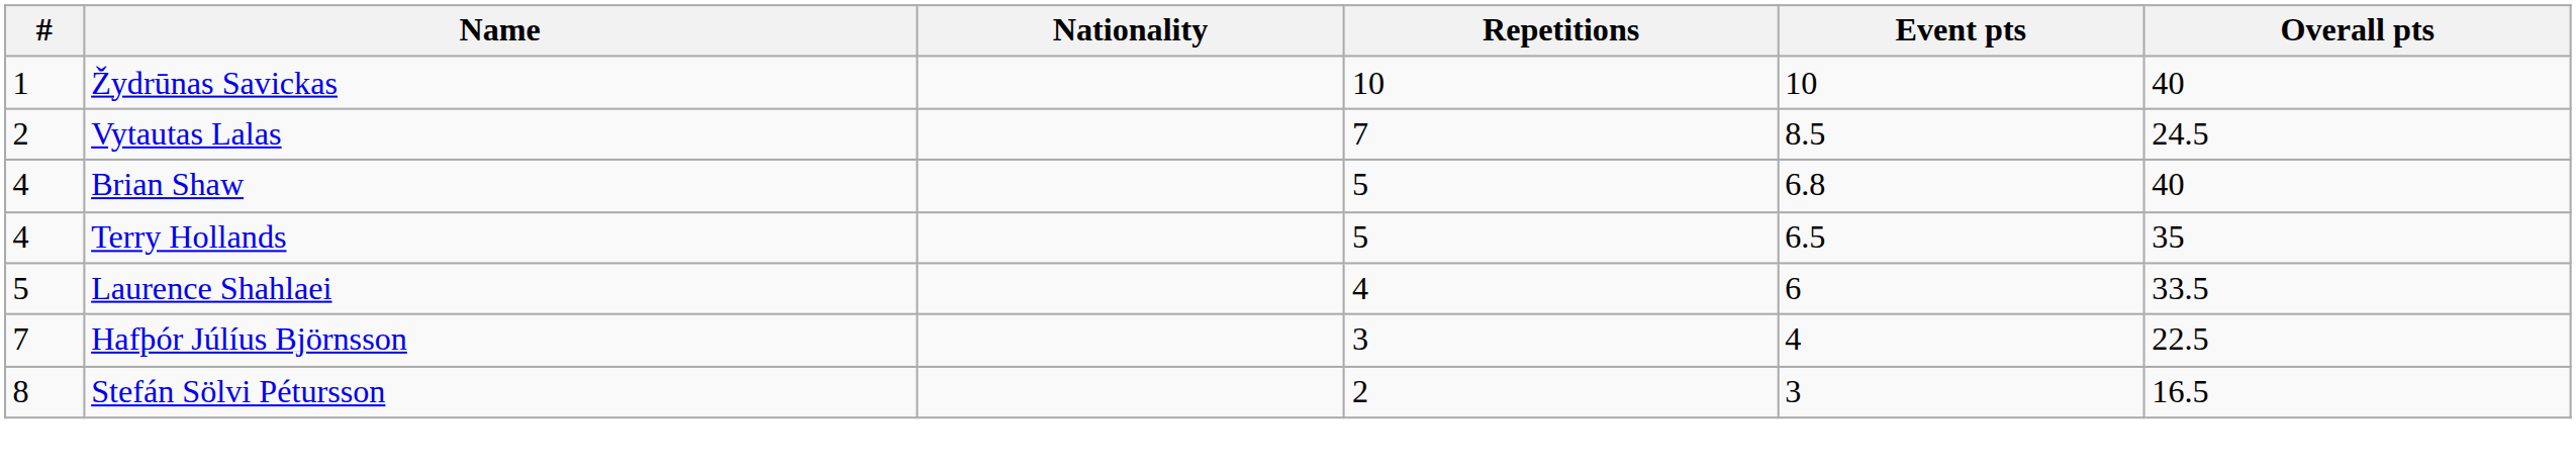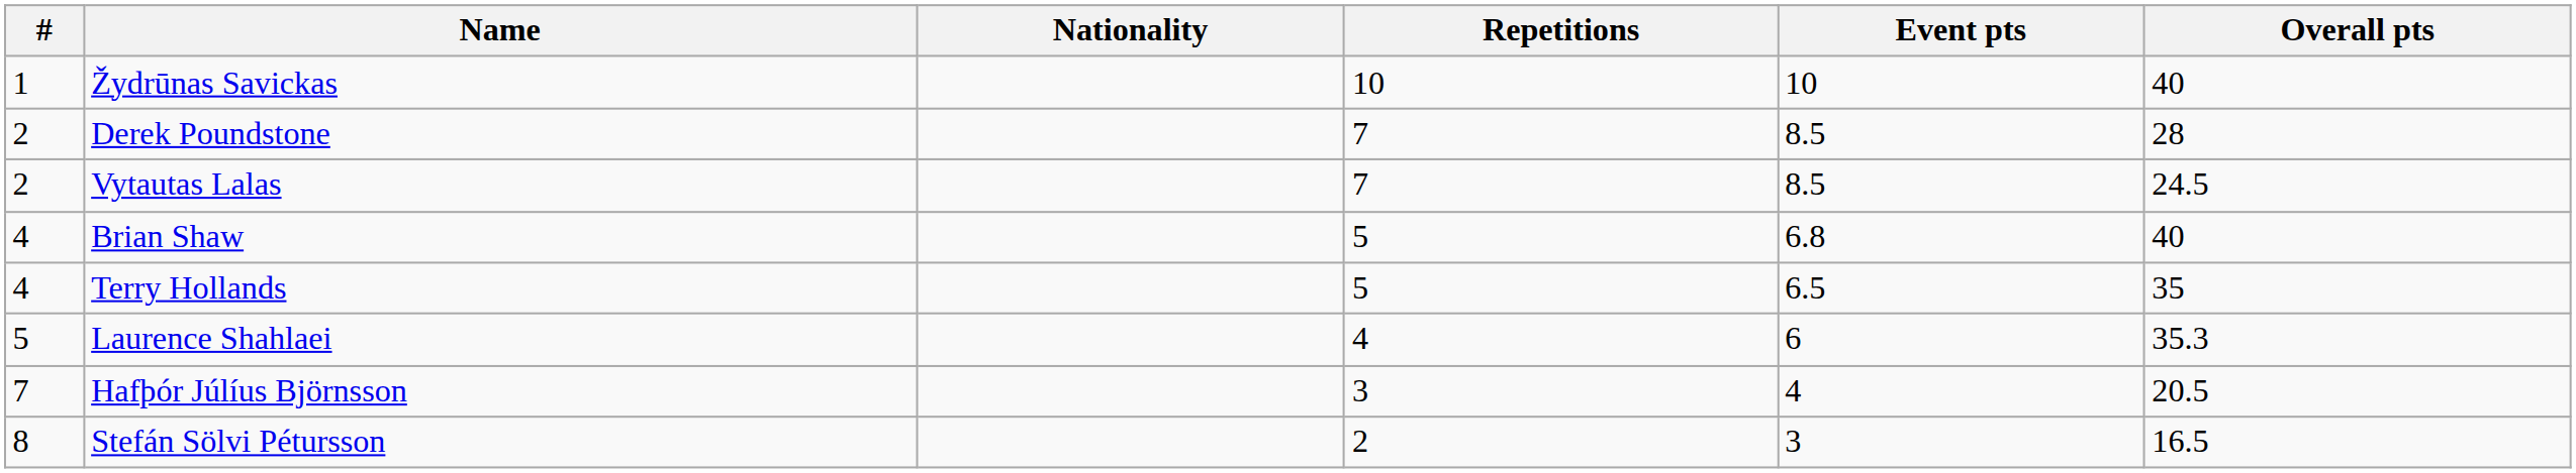 <table class="wikitable sortable" style="display: inline-table;width: 100%;">
 <tr>
 <th>#</th>
 <th>Name</th>
 <th>Nationality</th>
 <th>Repetitions</th>
 <th>Event pts</th>
 <th>Overall pts</th>
 </tr>
 <tr>
 <td>1</td>
 <td><a href='#'>Žydrūnas Savickas</a></td>
 <td></td>
 <td>10</td>
 <td>10</td>
 <td>40</td>
+</tr>
+<tr>
+<td>2</td>
+<td><a href='#'>Derek Poundstone</a></td>
+<td></td>
+<td>7</td>
+<td>8.5</td>
+<td>28</td>
 </tr>
 <tr>
 <td>2</td>
 <td><a href='#'>Vytautas Lalas</a></td>
 <td></td>
 <td>7</td>
 <td>8.5</td>
 <td>24.5</td>
 </tr>
 <tr>
 <td>4</td>
 <td><a href='#'>Brian Shaw</a></td>
 <td></td>
 <td>5</td>
 <td>6.8</td>
 <td>40</td>
 </tr>
 <tr>
 <td>4</td>
 <td><a href='#'>Terry Hollands</a></td>
 <td></td>
 <td>5</td>
 <td>6.5</td>
 <td>35</td>
 </tr>
 <tr>
 <td>5</td>
 <td><a href='#'>Laurence Shahlaei</a></td>
 <td></td>
 <td>4</td>
 <td>6</td>
-<td>33.5</td>
+<td>35.3</td>
 </tr>
 <tr>
 <td>7</td>
 <td><a href='#'>Hafþór Júlíus Björnsson</a></td>
 <td></td>
 <td>3</td>
 <td>4</td>
-<td>22.5</td>
+<td>20.5</td>
 </tr>
 <tr>
 <td>8</td>
 <td><a href='#'>Stefán Sölvi Pétursson</a></td>
 <td></td>
 <td>2</td>
 <td>3</td>
 <td>16.5</td>
 </tr>
 </table>
